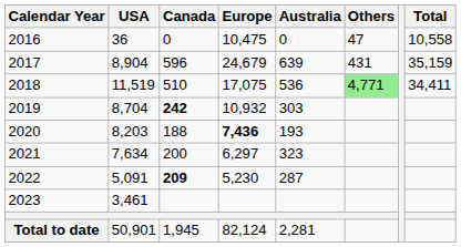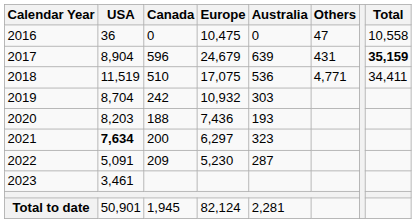 <table class="wikitable">
 <tr>
 <th>Calendar Year</th>
 <th>USA</th>
 <th>Canada</th>
 <th>Europe</th>
 <th>Australia</th>
 <th>Others</th>
 <th rowspan=11 ></th>
 <th>Total</th>
 </tr>
 <tr>
 <td>2016</td>
 <td>36</td>
 <td>0</td>
 <td>10,475</td>
 <td>0</td>
 <td>47</td>
 <td>10,558</td>
 </tr>
 <tr>
 <td>2017</td>
 <td>8,904</td>
 <td>596</td>
 <td>24,679</td>
 <td>639</td>
 <td>431</td>
-<td>35,159</td>
+<td><strong>35,159</strong></td>
 </tr>
 <tr>
 <td>2018</td>
 <td>11,519</td>
 <td>510</td>
 <td>17,075</td>
 <td>536</td>
-<td style="background: lightgreen;">4,771</td>
+<td>4,771</td>
 <td>34,411</td>
 </tr>
 <tr>
 <td>2019</td>
 <td>8,704</td>
-<td><strong>242</strong></td>
+<td>242</td>
 <td>10,932</td>
 <td>303</td>
 <td></td>
 <td></td>
 </tr>
 <tr>
 <td>2020</td>
 <td>8,203</td>
 <td>188</td>
-<td><strong>7,436</strong></td>
+<td>7,436</td>
 <td>193</td>
 <td></td>
 <td></td>
 </tr>
 <tr>
 <td>2021</td>
-<td>7,634</td>
+<td><strong>7,634</strong></td>
 <td>200</td>
 <td>6,297</td>
 <td>323</td>
 <td></td>
 <td></td>
 </tr>
 <tr>
 <td>2022</td>
 <td>5,091</td>
-<td><strong>209</strong></td>
+<td>209</td>
 <td>5,230</td>
 <td>287</td>
 <td></td>
 <td></td>
 </tr>
 <tr>
 <td>2023</td>
 <td>3,461</td>
 <td></td>
 <td></td>
 <td></td>
 <td></td>
 <td></td>
 </tr>
 <tr>
 <th colspan=8 ></th>
 </tr>
 <tr>
 <th>Total to date</th>
 <td>50,901</td>
 <td>1,945</td>
 <td>82,124</td>
 <td>2,281</td>
 <td></td>
 <td><br></td>
 </tr>
 </table>
